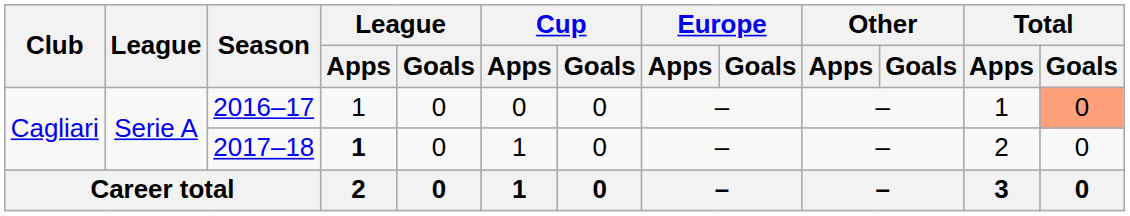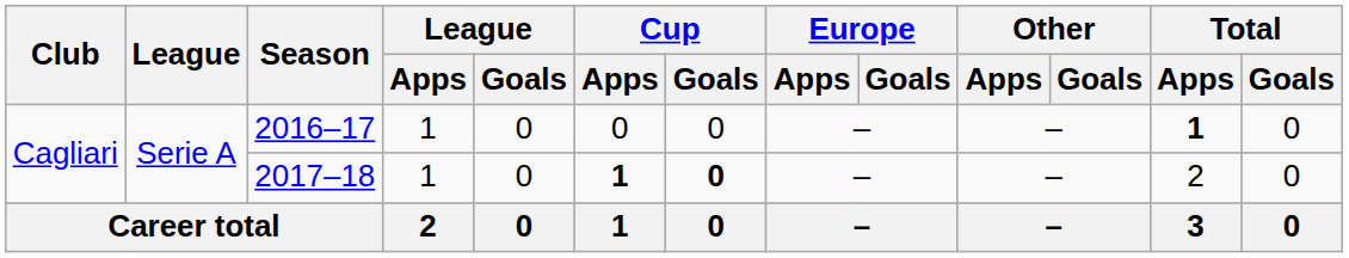 <table class="wikitable" style="text-align: center;">
 <tr>
 <th rowspan="2">Club</th>
 <th rowspan="2">League</th>
 <th rowspan="2">Season</th>
 <th colspan="2">League</th>
 <th colspan="2"><a href='#'>Cup</a></th>
 <th colspan="2"><a href='#'>Europe</a></th>
 <th colspan="2">Other</th>
 <th colspan="2">Total</th>
 </tr>
 <tr>
 <th>Apps</th>
 <th>Goals</th>
 <th>Apps</th>
 <th>Goals</th>
 <th>Apps</th>
 <th>Goals</th>
 <th>Apps</th>
 <th>Goals</th>
 <th>Apps</th>
 <th>Goals</th>
 </tr>
 <tr>
 <td rowspan=2><a href='#'>Cagliari</a></td>
 <td rowspan=2><a href='#'>Serie A</a></td>
 <td><a href='#'>2016–17</a></td>
 <td>1</td>
 <td>0</td>
 <td>0</td>
 <td>0</td>
 <td colspan=2>–</td>
 <td colspan=2>–</td>
-<td>1</td>
-<td style="background: lightsalmon;">0</td>
+<td><strong>1</strong></td>
+<td>0</td>
 </tr>
 <tr>
 <td><a href='#'>2017–18</a></td>
-<td><strong>1</strong></td>
-<td>0</td>
 <td>1</td>
 <td>0</td>
+<td><strong>1</strong></td>
+<td><strong>0</strong></td>
 <td colspan=2>–</td>
 <td colspan=2>–</td>
 <td>2</td>
 <td>0</td>
 </tr>
 <tr>
 <th colspan=3>Career total</th>
 <th>2</th>
 <th>0</th>
 <th>1</th>
 <th>0</th>
 <th colspan=2>–</th>
 <th colspan=2>–</th>
 <th>3</th>
 <th>0</th>
 </tr>
 </table>
